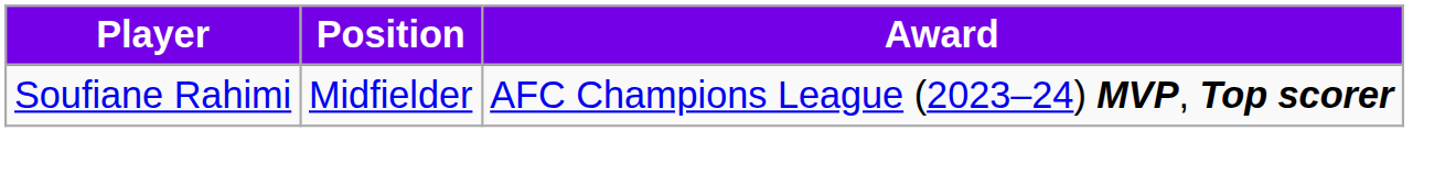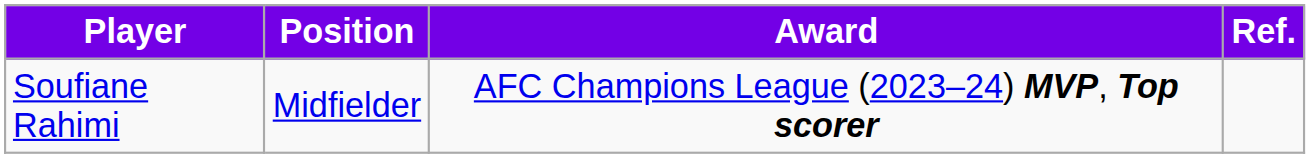 <table class="wikitable">
 <tr>
 <th style="background:#7300E6;color:#FFFFFF;">Player</th>
 <th style="background:#7300E6;color:#FFFFFF;">Position</th>
 <th style="background:#7300E6;color:#FFFFFF;">Award</th>
+<th style="background:#7300E6;color:#FFFFFF;">Ref.</th>
 </tr>
 <tr>
 <td> <a href='#'>Soufiane Rahimi</a></td>
 <td style="text-align:center"><a href='#'>Midfielder</a></td>
 <td style="text-align:center"><a href='#'>AFC Champions League</a> (<a href='#'>2023–24</a>) <strong><em>MVP</em></strong>, <strong><em>Top scorer</em></strong></td>
+<td style="text-align:center"></td>
 </tr>
 </table>
